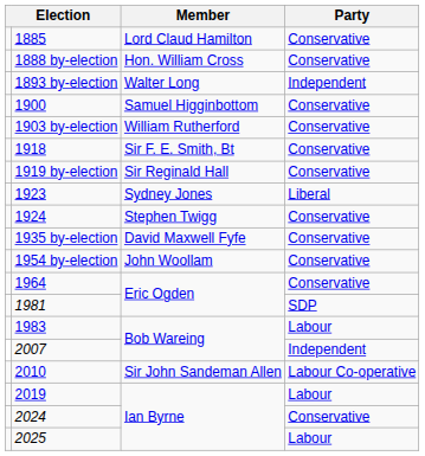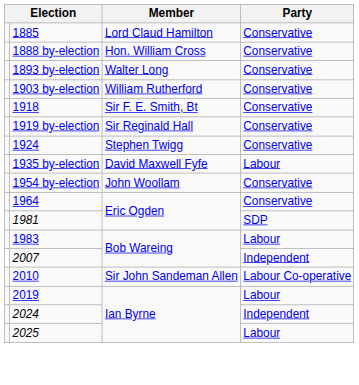 <table class="wikitable">
 <tr>
 <th colspan="2">Election</th>
 <th>Member</th>
 <th>Party</th>
 </tr>
 <tr>
 <td style="color:inherit;background-color: "></td>
 <td><a href='#'>1885</a></td>
 <td><a href='#'>Lord Claud Hamilton</a></td>
 <td><a href='#'>Conservative</a></td>
 </tr>
 <tr>
 <td style="color:inherit;background-color: "></td>
 <td><a href='#'>1888 by-election</a></td>
 <td><a href='#'>Hon. William Cross</a></td>
 <td><a href='#'>Conservative</a></td>
 </tr>
 <tr>
 <td style="color:inherit;background-color: "></td>
 <td><a href='#'>1893 by-election</a></td>
 <td><a href='#'>Walter Long</a></td>
-<td><a href='#'>Independent</a></td>
-</tr>
-<tr>
-<td style="color:inherit;background-color: "></td>
-<td><a href='#'>1900</a></td>
-<td><a href='#'>Samuel Higginbottom</a></td>
 <td><a href='#'>Conservative</a></td>
 </tr>
 <tr>
 <td style="color:inherit;background-color: "></td>
 <td><a href='#'>1903 by-election</a></td>
 <td><a href='#'>William Rutherford</a></td>
 <td><a href='#'>Conservative</a></td>
 </tr>
 <tr>
 <td style="color:inherit;background-color: "></td>
 <td><a href='#'>1918</a></td>
 <td><a href='#'>Sir F. E. Smith, Bt</a></td>
 <td><a href='#'>Conservative</a></td>
 </tr>
 <tr>
 <td style="color:inherit;background-color: "></td>
 <td><a href='#'>1919 by-election</a></td>
 <td><a href='#'>Sir Reginald Hall</a></td>
 <td><a href='#'>Conservative</a></td>
 </tr>
 <tr>
 <td style="color:inherit;background-color: "></td>
-<td><a href='#'>1923</a></td>
-<td><a href='#'>Sydney Jones</a></td>
-<td><a href='#'>Liberal</a></td>
-</tr>
-<tr>
-<td style="color:inherit;background-color: "></td>
 <td><a href='#'>1924</a></td>
 <td><a href='#'>Stephen Twigg</a></td>
 <td><a href='#'>Conservative</a></td>
 </tr>
 <tr>
 <td style="color:inherit;background-color: "></td>
 <td><a href='#'>1935 by-election</a></td>
 <td><a href='#'>David Maxwell Fyfe</a></td>
-<td><a href='#'>Conservative</a></td>
+<td><a href='#'>Labour</a></td>
 </tr>
 <tr>
 <td style="color:inherit;background-color: "></td>
 <td><a href='#'>1954 by-election</a></td>
 <td><a href='#'>John Woollam</a></td>
 <td><a href='#'>Conservative</a></td>
 </tr>
 <tr>
 <td style="color:inherit;background-color: "></td>
 <td><a href='#'>1964</a></td>
 <td rowspan="2"><a href='#'>Eric Ogden</a></td>
 <td><a href='#'>Conservative</a></td>
 </tr>
 <tr>
 <td style="color:inherit;background-color: "></td>
 <td><em>1981</em></td>
 <td><a href='#'>SDP</a></td>
 </tr>
 <tr>
 <td style="color:inherit;background-color: "></td>
 <td><a href='#'>1983</a></td>
 <td rowspan="2"><a href='#'>Bob Wareing</a></td>
 <td><a href='#'>Labour</a></td>
 </tr>
 <tr>
 <td style="color:inherit;background-color: white"></td>
 <td><em>2007</em></td>
 <td><a href='#'>Independent</a></td>
 </tr>
 <tr>
 <td style="color:inherit;background-color: "></td>
 <td><a href='#'>2010</a></td>
 <td><a href='#'>Sir John Sandeman Allen</a></td>
 <td><a href='#'>Labour Co-operative</a></td>
 </tr>
 <tr>
 <td style="color:inherit;background-color: "></td>
 <td><a href='#'>2019</a></td>
 <td rowspan="3"><a href='#'>Ian Byrne</a></td>
 <td><a href='#'>Labour</a></td>
 </tr>
 <tr>
 <td style="color:inherit;background-color: "></td>
 <td><em>2024</em></td>
-<td><a href='#'>Conservative</a></td>
+<td><a href='#'>Independent</a></td>
 </tr>
 <tr>
 <td style="color:inherit;background-color: "></td>
 <td><em>2025</em></td>
 <td><a href='#'>Labour</a></td>
 </tr>
 </table>
